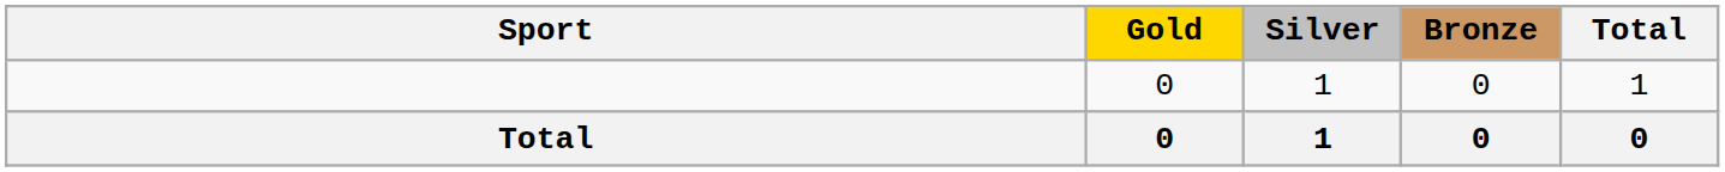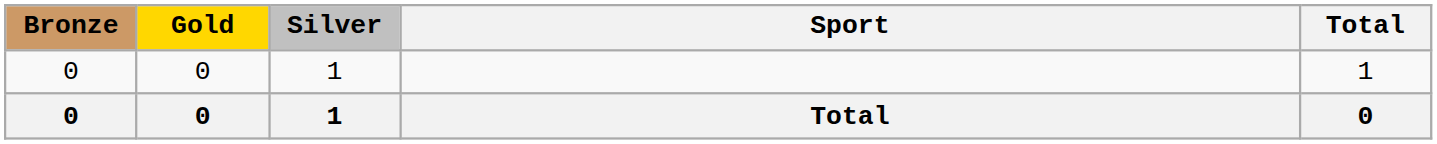 <table class="wikitable" style="text-align:center; font-size:90%;" width=50%>
 <tr>
-<th>Sport</th>
+<td style="background:#cc9966; width:4.5em; font-weight:bold;">Bronze</td>
 <td style="background:gold; width:4.5em; font-weight:bold;">Gold</td>
 <td style="background:silver; width:4.5em; font-weight:bold;">Silver</td>
-<td style="background:#cc9966; width:4.5em; font-weight:bold;">Bronze</td>
+<th>Sport</th>
 <th style="width:4.5em; font-weight:bold;">Total</th>
 </tr>
 <tr>
-<td align=left></td>
+<td>0</td>
 <td>0</td>
 <td>1</td>
-<td>0</td>
+<td align=left></td>
 <td>1</td>
 </tr>
 <tr>
-<th>Total</th>
+<th>0</th>
 <th>0</th>
 <th>1</th>
-<th>0</th>
+<th>Total</th>
 <th>0</th>
 </tr>
 </table>
